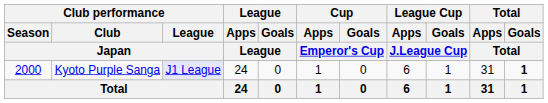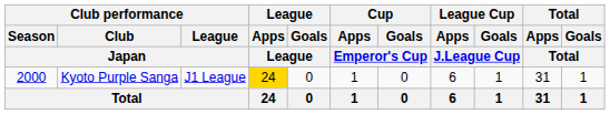 <table class="wikitable" style="text-align:center;">
 <tr>
 <th colspan=3>Club performance</th>
 <th colspan=2>League</th>
 <th colspan=2>Cup</th>
 <th colspan=2>League Cup</th>
 <th colspan=2>Total</th>
 </tr>
 <tr>
 <th>Season</th>
 <th>Club</th>
 <th>League</th>
 <th>Apps</th>
 <th>Goals</th>
 <th>Apps</th>
 <th>Goals</th>
 <th>Apps</th>
 <th>Goals</th>
 <th>Apps</th>
 <th>Goals</th>
 </tr>
 <tr>
 <th colspan=3>Japan</th>
 <th colspan=2>League</th>
 <th colspan=2><a href='#'>Emperor's Cup</a></th>
 <th colspan=2><a href='#'>J.League Cup</a></th>
 <th colspan=2>Total</th>
 </tr>
 <tr>
 <td><a href='#'>2000</a></td>
 <td><a href='#'>Kyoto Purple Sanga</a></td>
-<td style="background: lavender;"><a href='#'>J1 League</a></td>
-<td>24</td>
+<td><a href='#'>J1 League</a></td>
+<td style="background: gold;">24</td>
 <td>0</td>
 <td>1</td>
 <td>0</td>
 <td>6</td>
 <td>1</td>
 <td>31</td>
-<td><strong>1</strong></td>
+<td>1</td>
 </tr>
 <tr>
 <th colspan=3>Total</th>
 <th>24</th>
 <th>0</th>
 <th>1</th>
 <th>0</th>
 <th>6</th>
 <th>1</th>
 <th>31</th>
 <th>1</th>
 </tr>
 </table>
